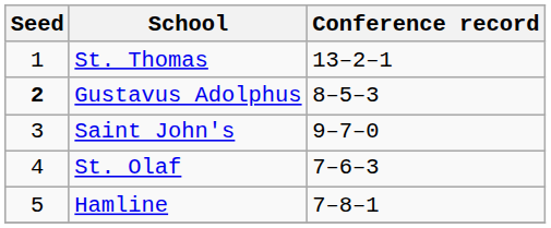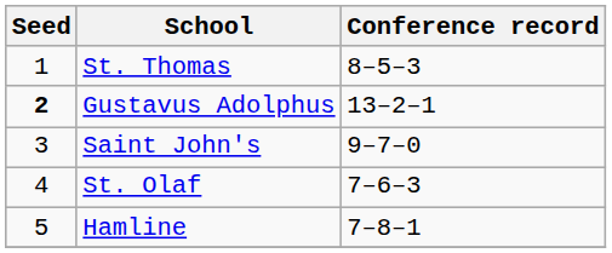 <table class="wikitable">
 <tr>
 <th>Seed</th>
 <th>School</th>
 <th>Conference record</th>
 </tr>
 <tr>
 <td align=center>1</td>
 <td><a href='#'>St. Thomas</a></td>
-<td>13–2–1</td>
+<td>8–5–3</td>
 </tr>
 <tr>
 <td align=center><strong>2</strong></td>
 <td><a href='#'>Gustavus Adolphus</a></td>
-<td>8–5–3</td>
+<td>13–2–1</td>
 </tr>
 <tr>
 <td align=center>3</td>
 <td><a href='#'>Saint John's</a></td>
 <td>9–7–0</td>
 </tr>
 <tr>
 <td align=center>4</td>
 <td><a href='#'>St. Olaf</a></td>
 <td>7–6–3</td>
 </tr>
 <tr>
 <td align=center>5</td>
 <td><a href='#'>Hamline</a></td>
 <td>7–8–1</td>
 </tr>
 <tr>
 </tr>
 </table>
